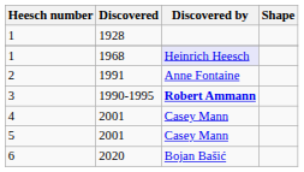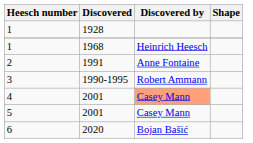 <table class="wikitable">
 <tr>
 <th>Heesch number</th>
 <th>Discovered</th>
 <th>Discovered by</th>
 <th>Shape</th>
 </tr>
 <tr>
 <td>1</td>
 <td>1928</td>
 <td></td>
 <td></td>
 </tr>
 <tr>
 </tr>
 <tr>
 <td>1</td>
 <td>1968</td>
-<td style="background: lavender;"><a href='#'>Heinrich Heesch</a></td>
+<td><a href='#'>Heinrich Heesch</a></td>
 <td></td>
 </tr>
 <tr>
 <td>2</td>
 <td>1991</td>
 <td><a href='#'>Anne Fontaine</a></td>
 <td></td>
 </tr>
 <tr>
 <td>3</td>
 <td>1990-1995</td>
-<td><strong><a href='#'>Robert Ammann</a></strong></td>
+<td><a href='#'>Robert Ammann</a></td>
 <td></td>
 </tr>
 <tr>
 <td>4</td>
 <td>2001</td>
-<td><a href='#'>Casey Mann</a></td>
+<td style="background: lightsalmon;"><a href='#'>Casey Mann</a></td>
 <td></td>
 </tr>
 <tr>
 <td>5</td>
 <td>2001</td>
 <td><a href='#'>Casey Mann</a></td>
 <td></td>
 </tr>
 <tr>
 <td>6</td>
 <td>2020</td>
 <td><a href='#'>Bojan Bašić</a></td>
 <td></td>
 </tr>
 </table>
